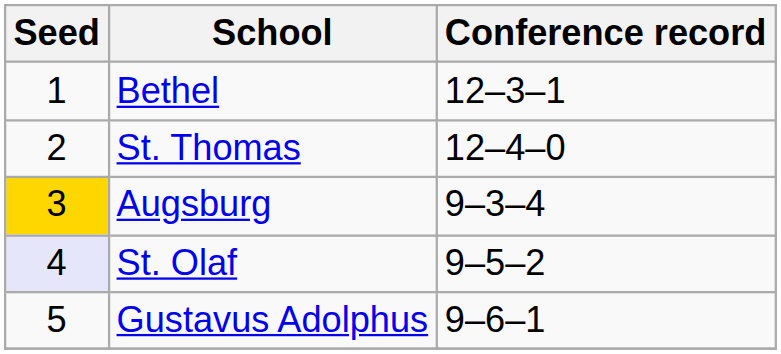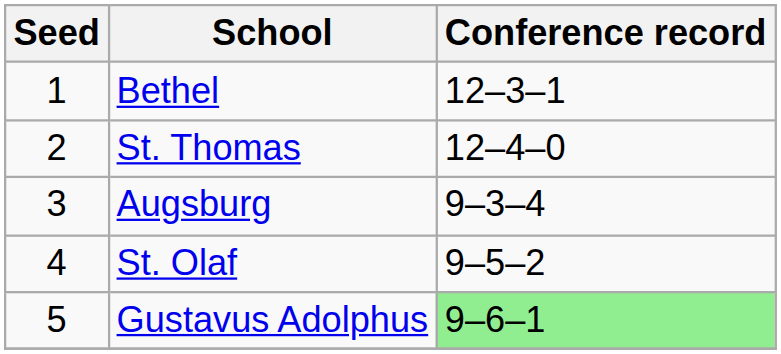 <table class="wikitable">
 <tr>
 <th>Seed</th>
 <th>School</th>
 <th>Conference record</th>
 </tr>
 <tr>
 <td align=center>1</td>
 <td><a href='#'>Bethel</a></td>
 <td>12–3–1</td>
 </tr>
 <tr>
 <td align=center>2</td>
 <td><a href='#'>St. Thomas</a></td>
 <td>12–4–0</td>
 </tr>
 <tr>
-<td align=center style="background: gold;">3</td>
+<td align=center>3</td>
 <td><a href='#'>Augsburg</a></td>
 <td>9–3–4</td>
 </tr>
 <tr>
-<td align=center style="background: lavender;">4</td>
+<td align=center>4</td>
 <td><a href='#'>St. Olaf</a></td>
 <td>9–5–2</td>
 </tr>
 <tr>
 <td align=center>5</td>
 <td><a href='#'>Gustavus Adolphus</a></td>
-<td>9–6–1</td>
+<td style="background: lightgreen;">9–6–1</td>
 </tr>
 <tr>
 </tr>
 </table>
